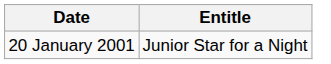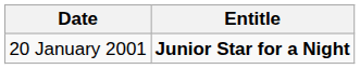 <table class="wikitable" style="text-align:center;">
 <tr>
 <th>Date</th>
 <th>Entitle</th>
 </tr>
 <tr>
 <td>20 January 2001</td>
-<td>Junior Star for a Night</td>
+<td><strong>Junior Star for a Night</strong></td>
 </tr>
 </table>
